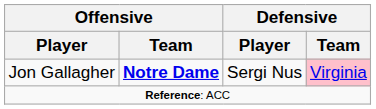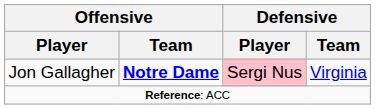 <table class="wikitable">
 <tr>
 <th colspan="2">Offensive</th>
 <th colspan="2">Defensive</th>
 </tr>
 <tr>
 <th>Player</th>
 <th>Team</th>
 <th>Player</th>
 <th>Team</th>
 </tr>
 <tr>
 <td>Jon Gallagher</td>
 <td><strong><a href='#'>Notre Dame</a></strong></td>
-<td>Sergi Nus</td>
-<td style="background: pink;"><a href='#'>Virginia</a></td>
+<td style="background: pink;">Sergi Nus</td>
+<td><a href='#'>Virginia</a></td>
 </tr>
 <tr>
 <td colspan="12"  style="font-size:8pt; text-align:center;"><strong>Reference</strong>: ACC</td>
 </tr>
 </table>
